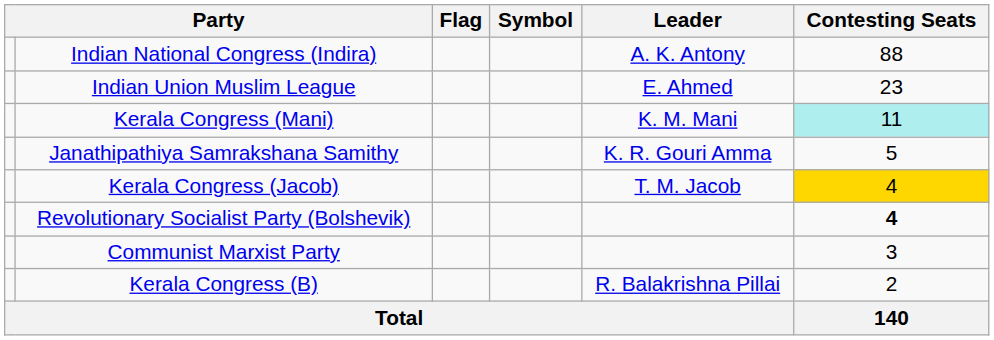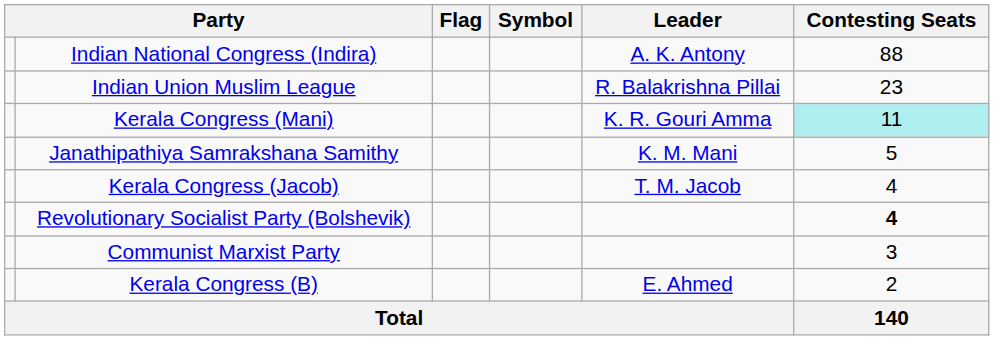 <table class="wikitable" width="60%" style="text-align:center">
 <tr>
 <th colspan="2">Party</th>
 <th>Flag</th>
 <th>Symbol</th>
 <th>Leader</th>
 <th>Contesting Seats</th>
 </tr>
 <tr>
 <td></td>
 <td><a href='#'>Indian National Congress (Indira)</a></td>
 <td></td>
 <td></td>
 <td><a href='#'>A. K. Antony</a></td>
 <td>88</td>
 </tr>
 <tr>
 <td></td>
 <td><a href='#'>Indian Union Muslim League</a></td>
 <td></td>
 <td></td>
-<td><a href='#'>E. Ahmed</a></td>
+<td><a href='#'>R. Balakrishna Pillai</a></td>
 <td>23</td>
 </tr>
 <tr>
 <td></td>
 <td><a href='#'>Kerala Congress (Mani)</a></td>
 <td></td>
 <td></td>
-<td><a href='#'>K. M. Mani</a></td>
+<td><a href='#'>K. R. Gouri Amma</a></td>
 <td style="background: paleturquoise;">11</td>
 </tr>
 <tr>
 <td></td>
 <td><a href='#'>Janathipathiya Samrakshana Samithy</a></td>
 <td></td>
 <td></td>
-<td><a href='#'>K. R. Gouri Amma</a></td>
+<td><a href='#'>K. M. Mani</a></td>
 <td>5</td>
 </tr>
 <tr>
 <td></td>
 <td><a href='#'>Kerala Congress (Jacob)</a></td>
 <td></td>
 <td></td>
 <td><a href='#'>T. M. Jacob</a></td>
-<td style="background: gold;">4</td>
+<td>4</td>
 </tr>
 <tr>
 <td></td>
 <td><a href='#'>Revolutionary Socialist Party (Bolshevik)</a></td>
 <td></td>
 <td></td>
 <td></td>
 <td><strong>4</strong></td>
 </tr>
 <tr>
 <td></td>
 <td><a href='#'>Communist Marxist Party</a></td>
 <td></td>
 <td></td>
 <td></td>
 <td>3</td>
 </tr>
 <tr>
 <td></td>
 <td><a href='#'>Kerala Congress (B)</a></td>
 <td></td>
 <td></td>
-<td><a href='#'>R. Balakrishna Pillai</a></td>
+<td><a href='#'>E. Ahmed</a></td>
 <td>2</td>
 </tr>
 <tr>
 <th colspan=5>Total</th>
 <th>140</th>
 </tr>
 </table>
